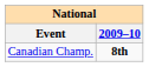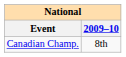 <table class="wikitable" style="text-align:center">
 <tr>
 <th colspan="2" style="background:#ffdead; text-align:center;">National</th>
 </tr>
 <tr>
 <th>Event</th>
 <th><a href='#'>2009–10</a></th>
 </tr>
 <tr>
 <td align=left><a href='#'>Canadian Champ.</a></td>
-<td><strong>8th</strong></td>
+<td>8th</td>
 </tr>
 </table>
